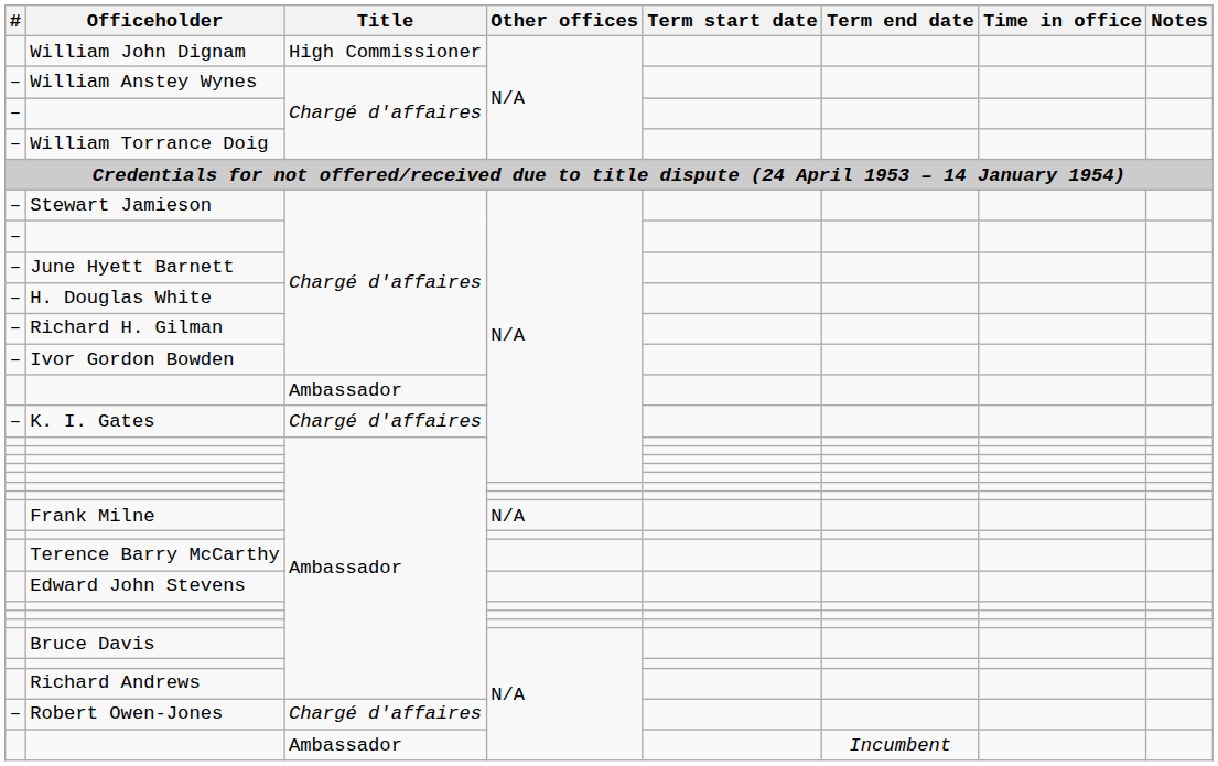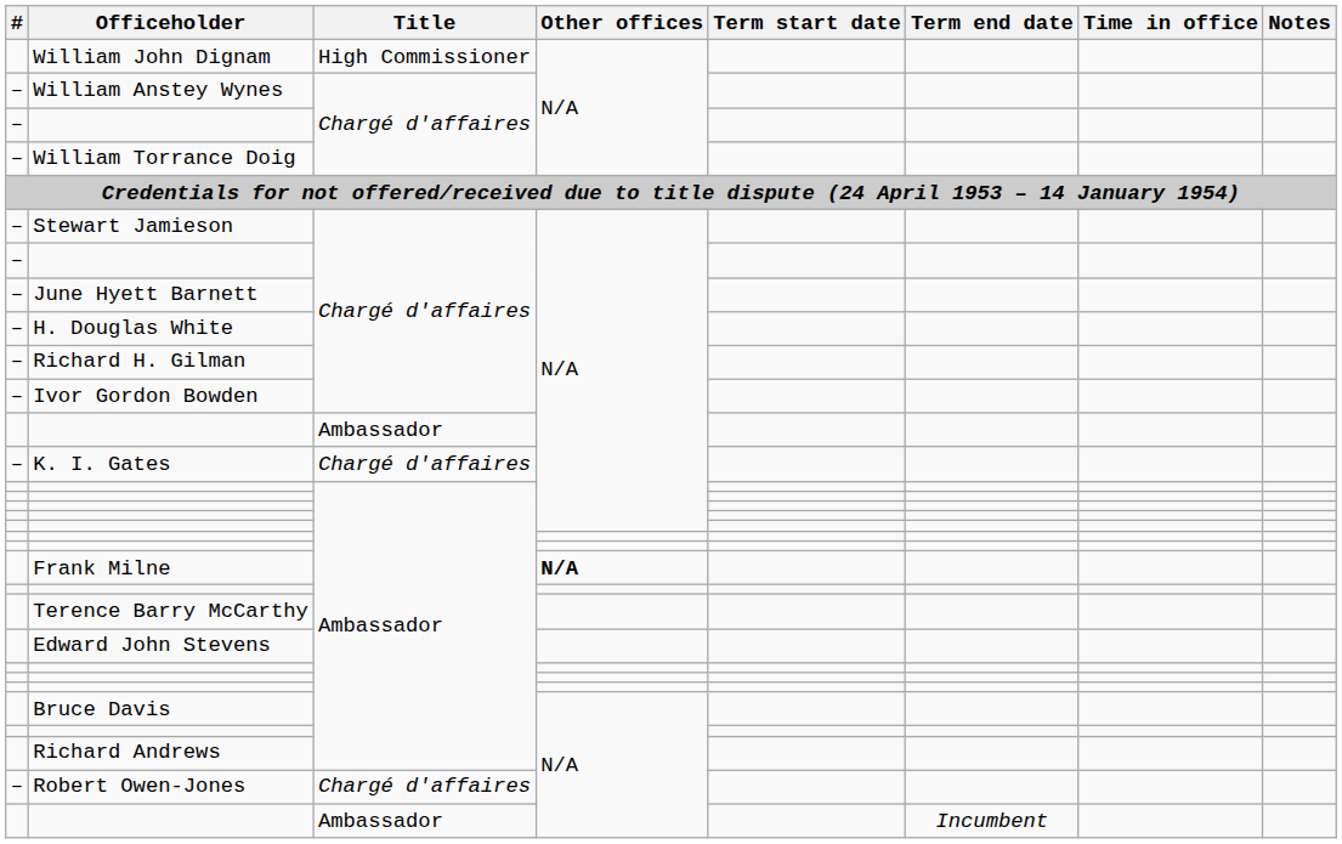 <table class='wikitable sortable'>
 <tr>
 <th>#</th>
 <th>Officeholder</th>
 <th>Title</th>
 <th>Other offices</th>
 <th>Term start date</th>
 <th>Term end date</th>
 <th>Time in office</th>
 <th>Notes</th>
 </tr>
 <tr>
 <td align=center></td>
 <td>William John Dignam</td>
 <td>High Commissioner</td>
 <td rowspan=4>N/A</td>
 <td align=center></td>
 <td align=center></td>
 <td align=right></td>
 <td></td>
 </tr>
 <tr>
 <td align=center>–</td>
 <td>William Anstey Wynes</td>
 <td rowspan=3><em>Chargé d'affaires</em></td>
 <td align=center></td>
 <td align=center></td>
 <td align=right></td>
 <td></td>
 </tr>
 <tr>
 <td align=center>–</td>
 <td></td>
 <td align=center></td>
 <td align=center></td>
 <td align=right></td>
 <td></td>
 </tr>
 <tr>
 <td align=center>–</td>
 <td>William Torrance Doig</td>
 <td align=center></td>
 <td align=center></td>
 <td align=right></td>
 <td></td>
 </tr>
 <tr>
 <th colspan=8 style="background: #cccccc;"><em>Credentials for  not offered/received due to title dispute (24 April 1953 – 14 January 1954)</em></th>
 </tr>
 <tr>
 <td align=center>–</td>
 <td>Stewart Jamieson</td>
 <td rowspan=6><em>Chargé d'affaires</em></td>
 <td rowspan=13>N/A</td>
 <td align=center></td>
 <td align=center></td>
 <td align=right></td>
 <td></td>
 </tr>
 <tr>
 <td align=center>–</td>
 <td></td>
 <td align=center></td>
 <td align=center></td>
 <td align=right></td>
 <td></td>
 </tr>
 <tr>
 <td align=center>–</td>
 <td>June Hyett Barnett</td>
 <td align=center></td>
 <td align=center></td>
 <td align=right></td>
 <td></td>
 </tr>
 <tr>
 <td align=center>–</td>
 <td>H. Douglas White</td>
 <td align=center></td>
 <td align=center></td>
 <td align=right></td>
 <td></td>
 </tr>
 <tr>
 <td align=center>–</td>
 <td>Richard H. Gilman</td>
 <td align=center></td>
 <td align=center></td>
 <td align=right></td>
 <td></td>
 </tr>
 <tr>
 <td align=center>–</td>
 <td>Ivor Gordon Bowden</td>
 <td align=center></td>
 <td align=center></td>
 <td align=right></td>
 <td></td>
 </tr>
 <tr>
 <td align=center></td>
 <td></td>
 <td>Ambassador</td>
 <td align=center></td>
 <td align=center></td>
 <td align=right></td>
 <td></td>
 </tr>
 <tr>
 <td align=center>–</td>
 <td>K. I. Gates</td>
 <td><em>Chargé d'affaires</em></td>
 <td align=center></td>
 <td align=center></td>
 <td align=right></td>
 <td></td>
 </tr>
 <tr>
 <td align=center></td>
 <td></td>
 <td rowspan=17>Ambassador</td>
 <td align=center></td>
 <td align=center></td>
 <td align=right></td>
 <td></td>
 </tr>
 <tr>
 <td align=center></td>
 <td></td>
 <td align=center></td>
 <td align=center></td>
 <td align=right></td>
 <td></td>
 </tr>
 <tr>
 <td align=center></td>
 <td></td>
 <td align=center></td>
 <td align=center></td>
 <td align=right></td>
 <td></td>
 </tr>
 <tr>
 <td align=center></td>
 <td></td>
 <td align=center></td>
 <td align=center></td>
 <td align=right></td>
 <td></td>
 </tr>
 <tr>
 <td align=center></td>
 <td></td>
 <td align=center></td>
 <td align=center></td>
 <td align=right></td>
 <td></td>
 </tr>
 <tr>
 <td align=center></td>
 <td></td>
 <td></td>
 <td align=center></td>
 <td align=center></td>
 <td align=right></td>
 <td></td>
 </tr>
 <tr>
 <td align=center></td>
 <td></td>
 <td></td>
 <td align=center></td>
 <td align=center></td>
 <td align=right></td>
 <td></td>
 </tr>
 <tr>
 <td align=center></td>
 <td>Frank Milne</td>
-<td>N/A</td>
+<td><strong>N/A</strong></td>
 <td align=center></td>
 <td align=center></td>
 <td align=right></td>
 <td></td>
 </tr>
 <tr>
 <td align=center></td>
 <td></td>
 <td></td>
 <td align=center></td>
 <td align=center></td>
 <td align=right></td>
 <td></td>
 </tr>
 <tr>
 <td align=center></td>
 <td>Terence Barry McCarthy</td>
 <td></td>
 <td align=center></td>
 <td align=center></td>
 <td align=right></td>
 <td></td>
 </tr>
 <tr>
 <td align=center></td>
 <td>Edward John Stevens</td>
 <td></td>
 <td align=center></td>
 <td align=center></td>
 <td align=right></td>
 <td></td>
 </tr>
 <tr>
 <td align=center></td>
 <td></td>
 <td></td>
 <td align=center></td>
 <td align=center></td>
 <td align=right></td>
 <td></td>
 </tr>
 <tr>
 <td align=center></td>
 <td></td>
 <td></td>
 <td align=center></td>
 <td align=center></td>
 <td align=right></td>
 <td></td>
 </tr>
 <tr>
 <td align=center></td>
 <td></td>
 <td></td>
 <td align=center></td>
 <td align=center></td>
 <td align=right></td>
 <td></td>
 </tr>
 <tr>
 <td align=center></td>
 <td>Bruce Davis</td>
 <td rowspan=5>N/A</td>
 <td align=center></td>
 <td align=center></td>
 <td align=right></td>
 <td></td>
 </tr>
 <tr>
 <td align=center></td>
 <td></td>
 <td align=center></td>
 <td align=center></td>
 <td align=right></td>
 <td></td>
 </tr>
 <tr>
 <td align=center></td>
 <td>Richard Andrews</td>
 <td align=center></td>
 <td align=center></td>
 <td align=right></td>
 <td></td>
 </tr>
 <tr>
 <td align=center>–</td>
 <td>Robert Owen-Jones</td>
 <td><em>Chargé d'affaires</em></td>
 <td align=center></td>
 <td align=center></td>
 <td align=right></td>
 <td></td>
 </tr>
 <tr>
 <td align=center></td>
 <td></td>
 <td>Ambassador</td>
 <td align=center></td>
 <td align=center><em>Incumbent</em></td>
 <td align=right></td>
 <td></td>
 </tr>
 </table>
